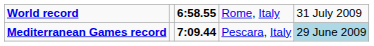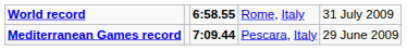 <table class="wikitable">
 <tr>
 <td><strong><a href='#'>World record</a></strong></td>
 <td></td>
 <td><strong>6:58.55</strong></td>
 <td><a href='#'>Rome</a>, <a href='#'>Italy</a></td>
 <td>31 July 2009</td>
 </tr>
 <tr>
 <td><strong><a href='#'>Mediterranean Games record</a></strong></td>
 <td></td>
 <td><strong>7:09.44</strong></td>
 <td><a href='#'>Pescara</a>, <a href='#'>Italy</a></td>
-<td style="background: lightblue;">29 June 2009</td>
+<td>29 June 2009</td>
 </tr>
 </table>
